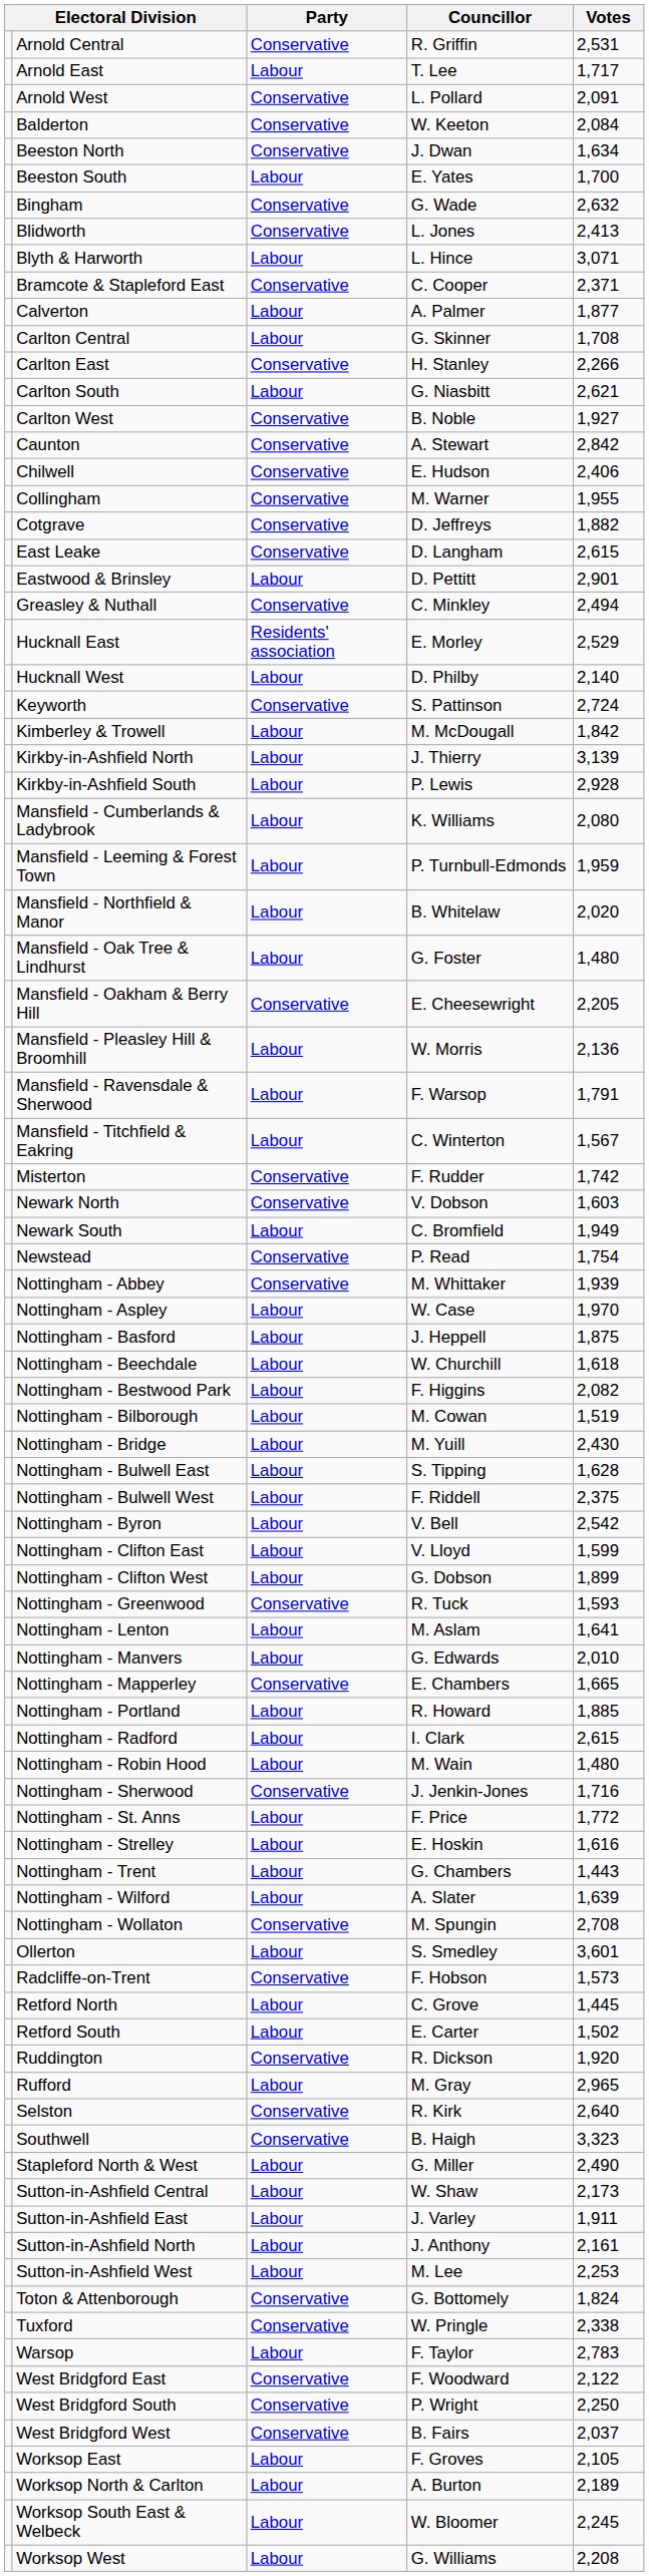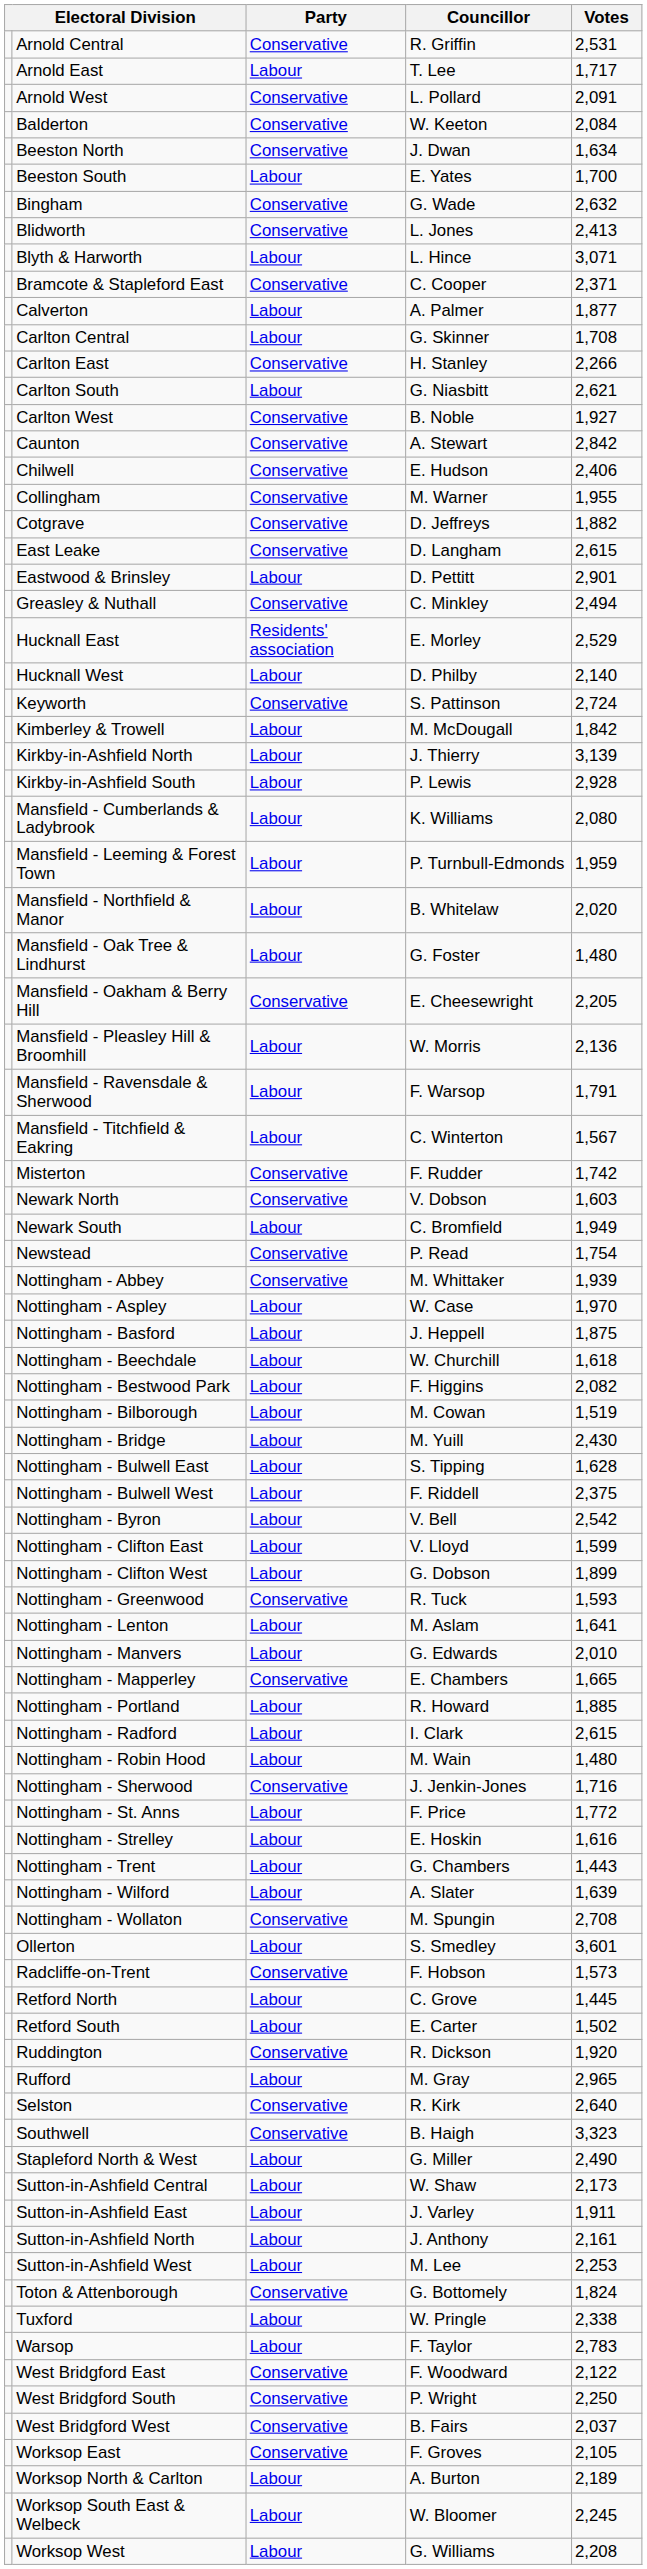 <table class="wikitable">
 <tr>
 <th colspan="2">Electoral Division</th>
 <th width="145px">Party</th>
 <th width="150px">Councillor</th>
 <th width="60px">Votes</th>
 </tr>
 <tr>
 <td style="color:inherit;background:"></td>
 <td>Arnold Central</td>
 <td><a href='#'>Conservative</a></td>
 <td>R. Griffin</td>
 <td>2,531</td>
 </tr>
 <tr>
 <td style="color:inherit;background:"></td>
 <td>Arnold East</td>
 <td><a href='#'>Labour</a></td>
 <td>T. Lee</td>
 <td>1,717</td>
 </tr>
 <tr>
 <td style="color:inherit;background:"></td>
 <td>Arnold West</td>
 <td><a href='#'>Conservative</a></td>
 <td>L. Pollard</td>
 <td>2,091</td>
 </tr>
 <tr>
 <td style="color:inherit;background:"></td>
 <td>Balderton</td>
 <td><a href='#'>Conservative</a></td>
 <td>W. Keeton</td>
 <td>2,084</td>
 </tr>
 <tr>
 <td style="color:inherit;background:"></td>
 <td>Beeston North</td>
 <td><a href='#'>Conservative</a></td>
 <td>J. Dwan</td>
 <td>1,634</td>
 </tr>
 <tr>
 <td style="color:inherit;background:"></td>
 <td>Beeston South</td>
 <td><a href='#'>Labour</a></td>
 <td>E. Yates</td>
 <td>1,700</td>
 </tr>
 <tr>
 <td style="color:inherit;background:"></td>
 <td>Bingham</td>
 <td><a href='#'>Conservative</a></td>
 <td>G. Wade</td>
 <td>2,632</td>
 </tr>
 <tr>
 <td style="color:inherit;background:"></td>
 <td>Blidworth</td>
 <td><a href='#'>Conservative</a></td>
 <td>L. Jones</td>
 <td>2,413</td>
 </tr>
 <tr>
 <td style="color:inherit;background:"></td>
 <td>Blyth & Harworth</td>
 <td><a href='#'>Labour</a></td>
 <td>L. Hince</td>
 <td>3,071</td>
 </tr>
 <tr>
 <td style="color:inherit;background:"></td>
 <td>Bramcote & Stapleford East</td>
 <td><a href='#'>Conservative</a></td>
 <td>C. Cooper</td>
 <td>2,371</td>
 </tr>
 <tr>
 <td style="color:inherit;background:"></td>
 <td>Calverton</td>
 <td><a href='#'>Labour</a></td>
 <td>A. Palmer</td>
 <td>1,877</td>
 </tr>
 <tr>
 <td style="color:inherit;background:"></td>
 <td>Carlton Central</td>
 <td><a href='#'>Labour</a></td>
 <td>G. Skinner</td>
 <td>1,708</td>
 </tr>
 <tr>
 <td style="color:inherit;background:"></td>
 <td>Carlton East</td>
 <td><a href='#'>Conservative</a></td>
 <td>H. Stanley</td>
 <td>2,266</td>
 </tr>
 <tr>
 <td style="color:inherit;background:"></td>
 <td>Carlton South</td>
 <td><a href='#'>Labour</a></td>
 <td>G. Niasbitt</td>
 <td>2,621</td>
 </tr>
 <tr>
 <td style="color:inherit;background:"></td>
 <td>Carlton West</td>
 <td><a href='#'>Conservative</a></td>
 <td>B. Noble</td>
 <td>1,927</td>
 </tr>
 <tr>
 <td style="color:inherit;background:"></td>
 <td>Caunton</td>
 <td><a href='#'>Conservative</a></td>
 <td>A. Stewart</td>
 <td>2,842</td>
 </tr>
 <tr>
 <td style="color:inherit;background:"></td>
 <td>Chilwell</td>
 <td><a href='#'>Conservative</a></td>
 <td>E. Hudson</td>
 <td>2,406</td>
 </tr>
 <tr>
 <td style="color:inherit;background:"></td>
 <td>Collingham</td>
 <td><a href='#'>Conservative</a></td>
 <td>M. Warner</td>
 <td>1,955</td>
 </tr>
 <tr>
 <td style="color:inherit;background:"></td>
 <td>Cotgrave</td>
 <td><a href='#'>Conservative</a></td>
 <td>D. Jeffreys</td>
 <td>1,882</td>
 </tr>
 <tr>
 <td style="color:inherit;background:"></td>
 <td>East Leake</td>
 <td><a href='#'>Conservative</a></td>
 <td>D. Langham</td>
 <td>2,615</td>
 </tr>
 <tr>
 <td style="color:inherit;background:"></td>
 <td>Eastwood & Brinsley</td>
 <td><a href='#'>Labour</a></td>
 <td>D. Pettitt</td>
 <td>2,901</td>
 </tr>
 <tr>
 <td style="color:inherit;background:"></td>
 <td>Greasley & Nuthall</td>
 <td><a href='#'>Conservative</a></td>
 <td>C. Minkley</td>
 <td>2,494</td>
 </tr>
 <tr>
 <td style="color:inherit;background:"></td>
 <td>Hucknall East</td>
 <td><a href='#'>Residents' association</a></td>
 <td>E. Morley</td>
 <td>2,529</td>
 </tr>
 <tr>
 <td style="color:inherit;background:"></td>
 <td>Hucknall West</td>
 <td><a href='#'>Labour</a></td>
 <td>D. Philby</td>
 <td>2,140</td>
 </tr>
 <tr>
 <td style="color:inherit;background:"></td>
 <td>Keyworth</td>
 <td><a href='#'>Conservative</a></td>
 <td>S. Pattinson</td>
 <td>2,724</td>
 </tr>
 <tr>
 <td style="color:inherit;background:"></td>
 <td>Kimberley & Trowell</td>
 <td><a href='#'>Labour</a></td>
 <td>M. McDougall</td>
 <td>1,842</td>
 </tr>
 <tr>
 <td style="color:inherit;background:"></td>
 <td>Kirkby-in-Ashfield North</td>
 <td><a href='#'>Labour</a></td>
 <td>J. Thierry</td>
 <td>3,139</td>
 </tr>
 <tr>
 <td style="color:inherit;background:"></td>
 <td>Kirkby-in-Ashfield South</td>
 <td><a href='#'>Labour</a></td>
 <td>P. Lewis</td>
 <td>2,928</td>
 </tr>
 <tr>
 <td style="color:inherit;background:"></td>
 <td>Mansfield - Cumberlands & Ladybrook</td>
 <td><a href='#'>Labour</a></td>
 <td>K. Williams</td>
 <td>2,080</td>
 </tr>
 <tr>
 <td style="color:inherit;background:"></td>
 <td>Mansfield - Leeming & Forest Town</td>
 <td><a href='#'>Labour</a></td>
 <td>P. Turnbull-Edmonds</td>
 <td>1,959</td>
 </tr>
 <tr>
 <td style="color:inherit;background:"></td>
 <td>Mansfield - Northfield & Manor</td>
 <td><a href='#'>Labour</a></td>
 <td>B. Whitelaw</td>
 <td>2,020</td>
 </tr>
 <tr>
 <td style="color:inherit;background:"></td>
 <td>Mansfield - Oak Tree & Lindhurst</td>
 <td><a href='#'>Labour</a></td>
 <td>G. Foster</td>
 <td>1,480</td>
 </tr>
 <tr>
 <td style="color:inherit;background:"></td>
 <td>Mansfield - Oakham & Berry Hill</td>
 <td><a href='#'>Conservative</a></td>
 <td>E. Cheesewright</td>
 <td>2,205</td>
 </tr>
 <tr>
 <td style="color:inherit;background:"></td>
 <td>Mansfield - Pleasley Hill & Broomhill</td>
 <td><a href='#'>Labour</a></td>
 <td>W. Morris</td>
 <td>2,136</td>
 </tr>
 <tr>
 <td style="color:inherit;background:"></td>
 <td>Mansfield - Ravensdale & Sherwood</td>
 <td><a href='#'>Labour</a></td>
 <td>F. Warsop</td>
 <td>1,791</td>
 </tr>
 <tr>
 <td style="color:inherit;background:"></td>
 <td>Mansfield - Titchfield & Eakring</td>
 <td><a href='#'>Labour</a></td>
 <td>C. Winterton</td>
 <td>1,567</td>
 </tr>
 <tr>
 <td style="color:inherit;background:"></td>
 <td>Misterton</td>
 <td><a href='#'>Conservative</a></td>
 <td>F. Rudder</td>
 <td>1,742</td>
 </tr>
 <tr>
 <td style="color:inherit;background:"></td>
 <td>Newark North</td>
 <td><a href='#'>Conservative</a></td>
 <td>V. Dobson</td>
 <td>1,603</td>
 </tr>
 <tr>
 <td style="color:inherit;background:"></td>
 <td>Newark South</td>
 <td><a href='#'>Labour</a></td>
 <td>C. Bromfield</td>
 <td>1,949</td>
 </tr>
 <tr>
 <td style="color:inherit;background:"></td>
 <td>Newstead</td>
 <td><a href='#'>Conservative</a></td>
 <td>P. Read</td>
 <td>1,754</td>
 </tr>
 <tr>
 <td style="color:inherit;background:"></td>
 <td>Nottingham - Abbey</td>
 <td><a href='#'>Conservative</a></td>
 <td>M. Whittaker</td>
 <td>1,939</td>
 </tr>
 <tr>
 <td style="color:inherit;background:"></td>
 <td>Nottingham - Aspley</td>
 <td><a href='#'>Labour</a></td>
 <td>W. Case</td>
 <td>1,970</td>
 </tr>
 <tr>
 <td style="color:inherit;background:"></td>
 <td>Nottingham - Basford</td>
 <td><a href='#'>Labour</a></td>
 <td>J. Heppell</td>
 <td>1,875</td>
 </tr>
 <tr>
 <td style="color:inherit;background:"></td>
 <td>Nottingham - Beechdale</td>
 <td><a href='#'>Labour</a></td>
 <td>W. Churchill</td>
 <td>1,618</td>
 </tr>
 <tr>
 <td style="color:inherit;background:"></td>
 <td>Nottingham - Bestwood Park</td>
 <td><a href='#'>Labour</a></td>
 <td>F. Higgins</td>
 <td>2,082</td>
 </tr>
 <tr>
 <td style="color:inherit;background:"></td>
 <td>Nottingham - Bilborough</td>
 <td><a href='#'>Labour</a></td>
 <td>M. Cowan</td>
 <td>1,519</td>
 </tr>
 <tr>
 <td style="color:inherit;background:"></td>
 <td>Nottingham - Bridge</td>
 <td><a href='#'>Labour</a></td>
 <td>M. Yuill</td>
 <td>2,430</td>
 </tr>
 <tr>
 <td style="color:inherit;background:"></td>
 <td>Nottingham - Bulwell East</td>
 <td><a href='#'>Labour</a></td>
 <td>S. Tipping</td>
 <td>1,628</td>
 </tr>
 <tr>
 <td style="color:inherit;background:"></td>
 <td>Nottingham - Bulwell West</td>
 <td><a href='#'>Labour</a></td>
 <td>F. Riddell</td>
 <td>2,375</td>
 </tr>
 <tr>
 <td style="color:inherit;background:"></td>
 <td>Nottingham - Byron</td>
 <td><a href='#'>Labour</a></td>
 <td>V. Bell</td>
 <td>2,542</td>
 </tr>
 <tr>
 <td style="color:inherit;background:"></td>
 <td>Nottingham - Clifton East</td>
 <td><a href='#'>Labour</a></td>
 <td>V. Lloyd</td>
 <td>1,599</td>
 </tr>
 <tr>
 <td style="color:inherit;background:"></td>
 <td>Nottingham - Clifton West</td>
 <td><a href='#'>Labour</a></td>
 <td>G. Dobson</td>
 <td>1,899</td>
 </tr>
 <tr>
 <td style="color:inherit;background:"></td>
 <td>Nottingham - Greenwood</td>
 <td><a href='#'>Conservative</a></td>
 <td>R. Tuck</td>
 <td>1,593</td>
 </tr>
 <tr>
 <td style="color:inherit;background:"></td>
 <td>Nottingham - Lenton</td>
 <td><a href='#'>Labour</a></td>
 <td>M. Aslam</td>
 <td>1,641</td>
 </tr>
 <tr>
 <td style="color:inherit;background:"></td>
 <td>Nottingham - Manvers</td>
 <td><a href='#'>Labour</a></td>
 <td>G. Edwards</td>
 <td>2,010</td>
 </tr>
 <tr>
 <td style="color:inherit;background:"></td>
 <td>Nottingham - Mapperley</td>
 <td><a href='#'>Conservative</a></td>
 <td>E. Chambers</td>
 <td>1,665</td>
 </tr>
 <tr>
 <td style="color:inherit;background:"></td>
 <td>Nottingham - Portland</td>
 <td><a href='#'>Labour</a></td>
 <td>R. Howard</td>
 <td>1,885</td>
 </tr>
 <tr>
 <td style="color:inherit;background:"></td>
 <td>Nottingham - Radford</td>
 <td><a href='#'>Labour</a></td>
 <td>I. Clark</td>
 <td>2,615</td>
 </tr>
 <tr>
 <td style="color:inherit;background:"></td>
 <td>Nottingham - Robin Hood</td>
 <td><a href='#'>Labour</a></td>
 <td>M. Wain</td>
 <td>1,480</td>
 </tr>
 <tr>
 <td style="color:inherit;background:"></td>
 <td>Nottingham - Sherwood</td>
 <td><a href='#'>Conservative</a></td>
 <td>J. Jenkin-Jones</td>
 <td>1,716</td>
 </tr>
 <tr>
 <td style="color:inherit;background:"></td>
 <td>Nottingham - St. Anns</td>
 <td><a href='#'>Labour</a></td>
 <td>F. Price</td>
 <td>1,772</td>
 </tr>
 <tr>
 <td style="color:inherit;background:"></td>
 <td>Nottingham - Strelley</td>
 <td><a href='#'>Labour</a></td>
 <td>E. Hoskin</td>
 <td>1,616</td>
 </tr>
 <tr>
 <td style="color:inherit;background:"></td>
 <td>Nottingham - Trent</td>
 <td><a href='#'>Labour</a></td>
 <td>G. Chambers</td>
 <td>1,443</td>
 </tr>
 <tr>
 <td style="color:inherit;background:"></td>
 <td>Nottingham - Wilford</td>
 <td><a href='#'>Labour</a></td>
 <td>A. Slater</td>
 <td>1,639</td>
 </tr>
 <tr>
 <td style="color:inherit;background:"></td>
 <td>Nottingham - Wollaton</td>
 <td><a href='#'>Conservative</a></td>
 <td>M. Spungin</td>
 <td>2,708</td>
 </tr>
 <tr>
 <td style="color:inherit;background:"></td>
 <td>Ollerton</td>
 <td><a href='#'>Labour</a></td>
 <td>S. Smedley</td>
 <td>3,601</td>
 </tr>
 <tr>
 <td style="color:inherit;background:"></td>
 <td>Radcliffe-on-Trent</td>
 <td><a href='#'>Conservative</a></td>
 <td>F. Hobson</td>
 <td>1,573</td>
 </tr>
 <tr>
 <td style="color:inherit;background:"></td>
 <td>Retford North</td>
 <td><a href='#'>Labour</a></td>
 <td>C. Grove</td>
 <td>1,445</td>
 </tr>
 <tr>
 <td style="color:inherit;background:"></td>
 <td>Retford South</td>
 <td><a href='#'>Labour</a></td>
 <td>E. Carter</td>
 <td>1,502</td>
 </tr>
 <tr>
 <td style="color:inherit;background:"></td>
 <td>Ruddington</td>
 <td><a href='#'>Conservative</a></td>
 <td>R. Dickson</td>
 <td>1,920</td>
 </tr>
 <tr>
 <td style="color:inherit;background:"></td>
 <td>Rufford</td>
 <td><a href='#'>Labour</a></td>
 <td>M. Gray</td>
 <td>2,965</td>
 </tr>
 <tr>
 <td style="color:inherit;background:"></td>
 <td>Selston</td>
 <td><a href='#'>Conservative</a></td>
 <td>R. Kirk</td>
 <td>2,640</td>
 </tr>
 <tr>
 <td style="color:inherit;background:"></td>
 <td>Southwell</td>
 <td><a href='#'>Conservative</a></td>
 <td>B. Haigh</td>
 <td>3,323</td>
 </tr>
 <tr>
 <td style="color:inherit;background:"></td>
 <td>Stapleford North & West</td>
 <td><a href='#'>Labour</a></td>
 <td>G. Miller</td>
 <td>2,490</td>
 </tr>
 <tr>
 <td style="color:inherit;background:"></td>
 <td>Sutton-in-Ashfield Central</td>
 <td><a href='#'>Labour</a></td>
 <td>W. Shaw</td>
 <td>2,173</td>
 </tr>
 <tr>
 <td style="color:inherit;background:"></td>
 <td>Sutton-in-Ashfield East</td>
 <td><a href='#'>Labour</a></td>
 <td>J. Varley</td>
 <td>1,911</td>
 </tr>
 <tr>
 <td style="color:inherit;background:"></td>
 <td>Sutton-in-Ashfield North</td>
 <td><a href='#'>Labour</a></td>
 <td>J. Anthony</td>
 <td>2,161</td>
 </tr>
 <tr>
 <td style="color:inherit;background:"></td>
 <td>Sutton-in-Ashfield West</td>
 <td><a href='#'>Labour</a></td>
 <td>M. Lee</td>
 <td>2,253</td>
 </tr>
 <tr>
 <td style="color:inherit;background:"></td>
 <td>Toton & Attenborough</td>
 <td><a href='#'>Conservative</a></td>
 <td>G. Bottomely</td>
 <td>1,824</td>
 </tr>
 <tr>
 <td style="color:inherit;background:"></td>
 <td>Tuxford</td>
-<td><a href='#'>Conservative</a></td>
+<td><a href='#'>Labour</a></td>
 <td>W. Pringle</td>
 <td>2,338</td>
 </tr>
 <tr>
 <td style="color:inherit;background:"></td>
 <td>Warsop</td>
 <td><a href='#'>Labour</a></td>
 <td>F. Taylor</td>
 <td>2,783</td>
 </tr>
 <tr>
 <td style="color:inherit;background:"></td>
 <td>West Bridgford East</td>
 <td><a href='#'>Conservative</a></td>
 <td>F. Woodward</td>
 <td>2,122</td>
 </tr>
 <tr>
 <td style="color:inherit;background:"></td>
 <td>West Bridgford South</td>
 <td><a href='#'>Conservative</a></td>
 <td>P. Wright</td>
 <td>2,250</td>
 </tr>
 <tr>
 <td style="color:inherit;background:"></td>
 <td>West Bridgford West</td>
 <td><a href='#'>Conservative</a></td>
 <td>B. Fairs</td>
 <td>2,037</td>
 </tr>
 <tr>
 <td style="color:inherit;background:"></td>
 <td>Worksop East</td>
-<td><a href='#'>Labour</a></td>
+<td><a href='#'>Conservative</a></td>
 <td>F. Groves</td>
 <td>2,105</td>
 </tr>
 <tr>
 <td style="color:inherit;background:"></td>
 <td>Worksop North & Carlton</td>
 <td><a href='#'>Labour</a></td>
 <td>A. Burton</td>
 <td>2,189</td>
 </tr>
 <tr>
 <td style="color:inherit;background:"></td>
 <td>Worksop South East & Welbeck</td>
 <td><a href='#'>Labour</a></td>
 <td>W. Bloomer</td>
 <td>2,245</td>
 </tr>
 <tr>
 <td style="color:inherit;background:"></td>
 <td>Worksop West</td>
 <td><a href='#'>Labour</a></td>
 <td>G. Williams</td>
 <td>2,208</td>
 </tr>
 </table>
